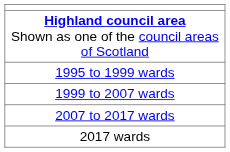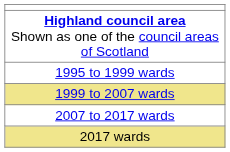 <table class="toccolours" style="border-collapse: collapse; float: right; margin: 0 0 1em 1em;" border="1" cellpadding="3" cellspacing="0" width="260">
 <tr>
 <td align="center"></td>
 </tr>
 <tr>
 <td align="center"><strong><a href='#'>Highland council area</a></strong> <br> Shown as one of the <a href='#'>council areas of Scotland</a></td>
 </tr>
 <tr>
 <td align="center"><a href='#'>1995 to 1999 wards</a></td>
 </tr>
 <tr>
-<td align="center"><a href='#'>1999 to 2007 wards</a></td>
+<td align="center" style="background: khaki;"><a href='#'>1999 to 2007 wards</a></td>
 </tr>
 <tr>
 <td align="center"><a href='#'>2007 to 2017 wards</a></td>
 </tr>
 <tr>
-<td align="center">2017 wards</td>
+<td align="center" style="background: khaki;">2017 wards</td>
 </tr>
 </table>
